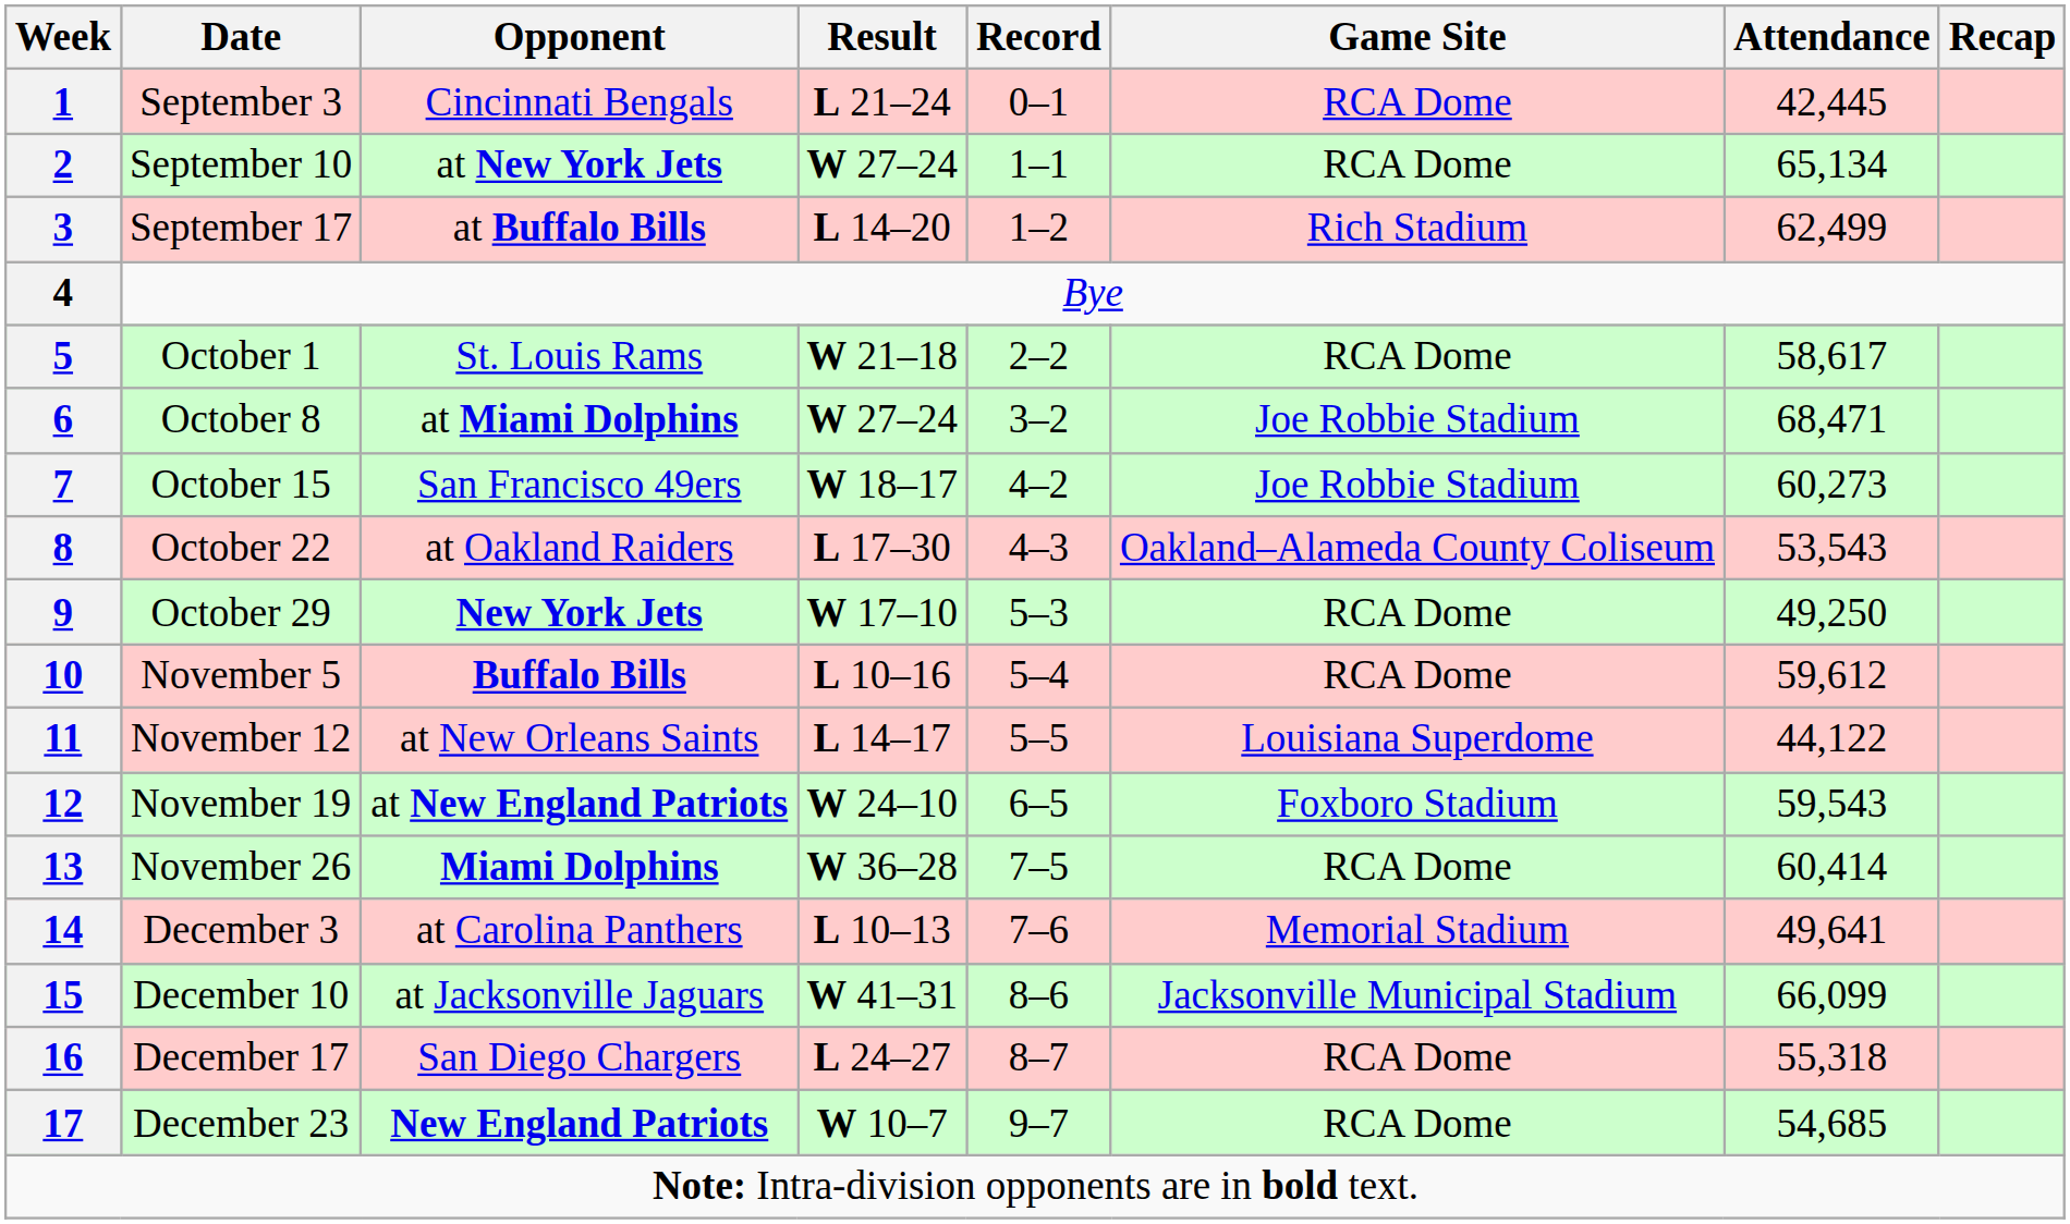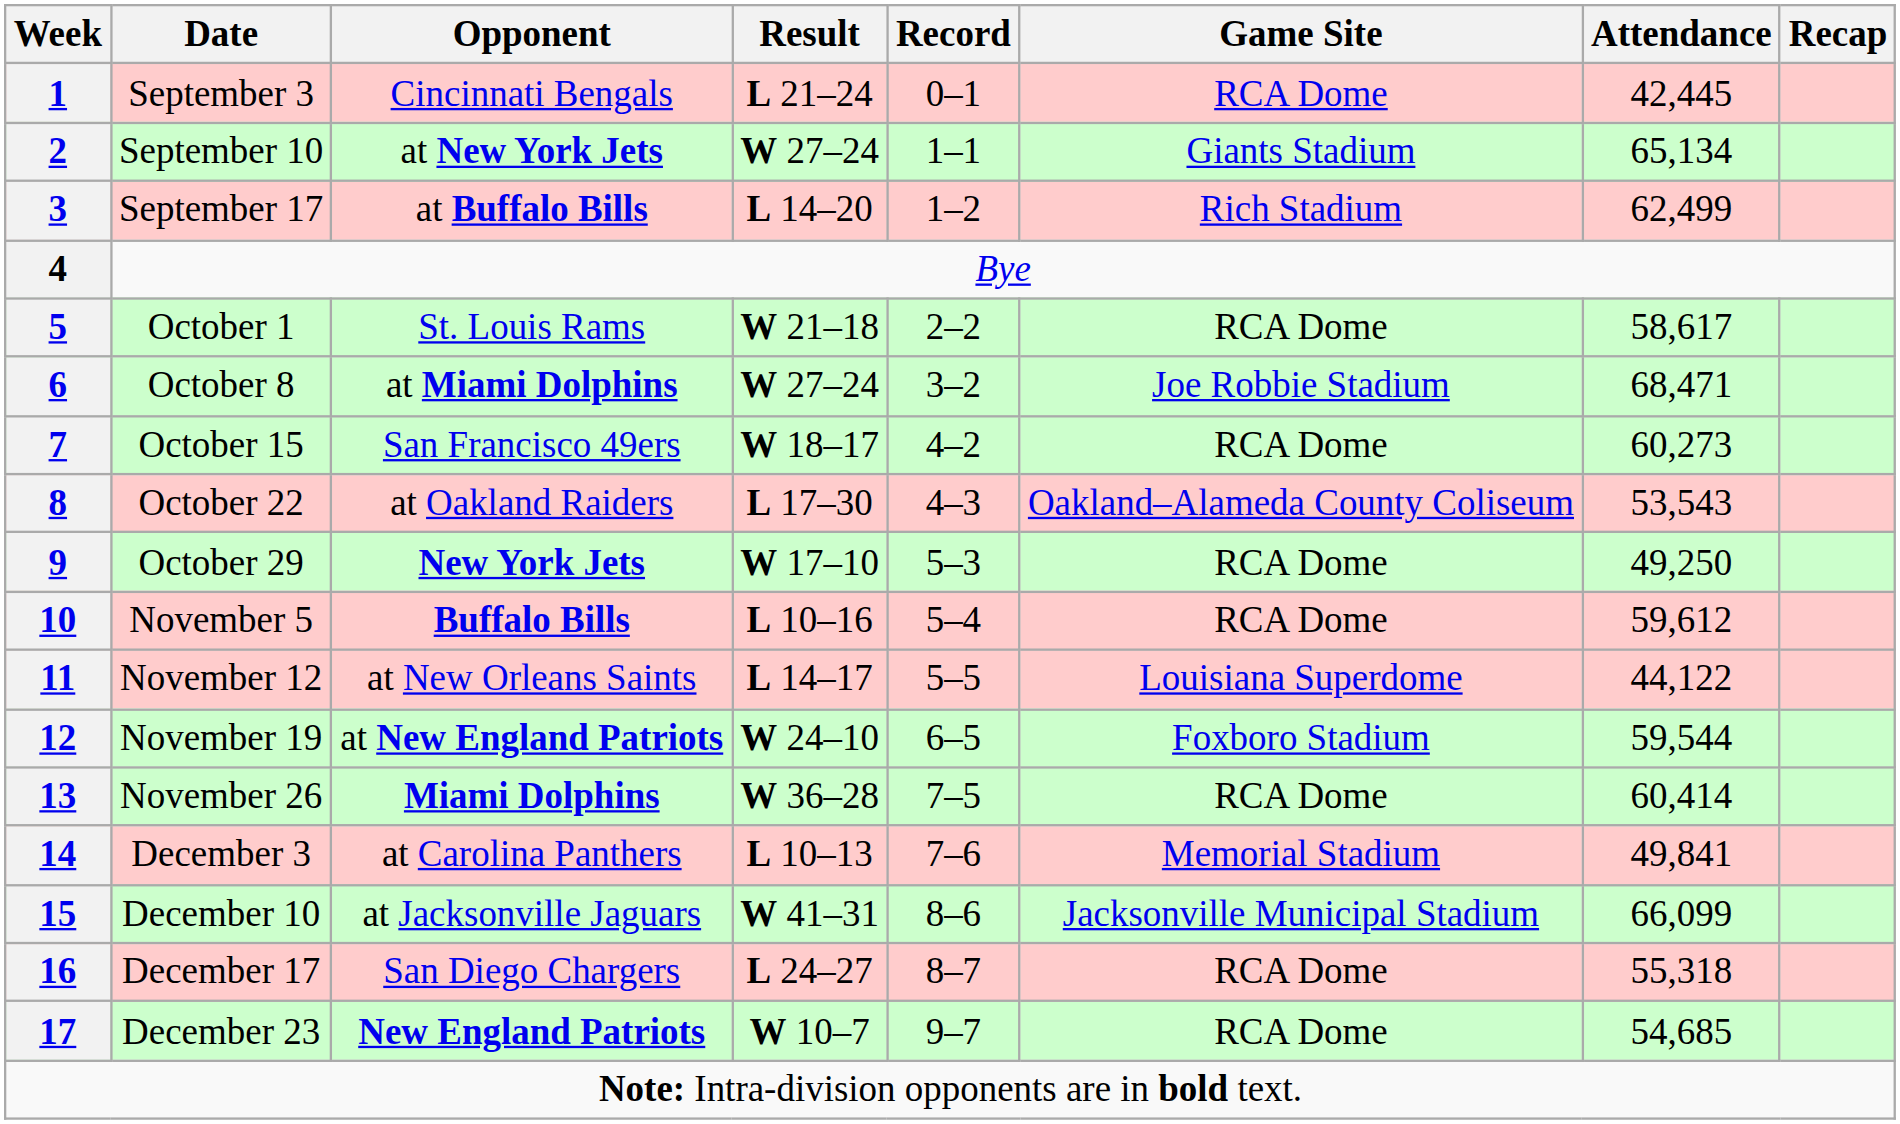 <table class="wikitable" style="text-align:center">
 <tr>
 <th>Week</th>
 <th>Date</th>
 <th>Opponent</th>
 <th>Result</th>
 <th>Record</th>
 <th>Game Site</th>
 <th>Attendance</th>
 <th>Recap</th>
 </tr>
 <tr style="background:#fcc">
 <th><a href='#'>1</a></th>
 <td>September 3</td>
 <td><a href='#'>Cincinnati Bengals</a></td>
 <td><strong>L</strong> 21–24 </td>
 <td>0–1</td>
 <td><a href='#'>RCA Dome</a></td>
 <td>42,445</td>
 <td></td>
 </tr>
 <tr style="background:#cfc">
 <th><a href='#'>2</a></th>
 <td>September 10</td>
 <td>at <strong><a href='#'>New York Jets</a></strong></td>
 <td><strong>W</strong> 27–24 </td>
 <td>1–1</td>
-<td>RCA Dome</td>
+<td><a href='#'>Giants Stadium</a></td>
 <td>65,134</td>
 <td></td>
 </tr>
 <tr style="background:#fcc">
 <th><a href='#'>3</a></th>
 <td>September 17</td>
 <td>at <strong><a href='#'>Buffalo Bills</a></strong></td>
 <td><strong>L</strong> 14–20</td>
 <td>1–2</td>
 <td><a href='#'>Rich Stadium</a></td>
 <td>62,499</td>
 <td></td>
 </tr>
 <tr>
 <th>4</th>
 <td colspan="7"><em><a href='#'>Bye</a></em></td>
 </tr>
 <tr style="background:#cfc">
 <th><a href='#'>5</a></th>
 <td>October 1</td>
 <td><a href='#'>St. Louis Rams</a></td>
 <td><strong>W</strong> 21–18</td>
 <td>2–2</td>
 <td>RCA Dome</td>
 <td>58,617</td>
 <td></td>
 </tr>
 <tr style="background:#cfc">
 <th><a href='#'>6</a></th>
 <td>October 8</td>
 <td>at <strong><a href='#'>Miami Dolphins</a></strong></td>
 <td><strong>W</strong> 27–24 </td>
 <td>3–2</td>
 <td><a href='#'>Joe Robbie Stadium</a></td>
 <td>68,471</td>
 <td></td>
 </tr>
 <tr style="background:#cfc">
 <th><a href='#'>7</a></th>
 <td>October 15</td>
 <td><a href='#'>San Francisco 49ers</a></td>
 <td><strong>W</strong> 18–17</td>
 <td>4–2</td>
-<td><a href='#'>Joe Robbie Stadium</a></td>
+<td>RCA Dome</td>
 <td>60,273</td>
 <td></td>
 </tr>
 <tr style="background:#fcc">
 <th><a href='#'>8</a></th>
 <td>October 22</td>
 <td>at <a href='#'>Oakland Raiders</a></td>
 <td><strong>L</strong> 17–30</td>
 <td>4–3</td>
 <td><a href='#'>Oakland–Alameda County Coliseum</a></td>
 <td>53,543</td>
 <td></td>
 </tr>
 <tr style="background:#cfc">
 <th><a href='#'>9</a></th>
 <td>October 29</td>
 <td><strong><a href='#'>New York Jets</a></strong></td>
 <td><strong>W</strong> 17–10</td>
 <td>5–3</td>
 <td>RCA Dome</td>
 <td>49,250</td>
 <td></td>
 </tr>
 <tr style="background:#fcc">
 <th><a href='#'>10</a></th>
 <td>November 5</td>
 <td><strong><a href='#'>Buffalo Bills</a></strong></td>
 <td><strong>L</strong> 10–16</td>
 <td>5–4</td>
 <td>RCA Dome</td>
 <td>59,612</td>
 <td></td>
 </tr>
 <tr style="background:#fcc">
 <th><a href='#'>11</a></th>
 <td>November 12</td>
 <td>at <a href='#'>New Orleans Saints</a></td>
 <td><strong>L</strong> 14–17</td>
 <td>5–5</td>
 <td><a href='#'>Louisiana Superdome</a></td>
 <td>44,122</td>
 <td></td>
 </tr>
 <tr style="background:#cfc">
 <th><a href='#'>12</a></th>
 <td>November 19</td>
 <td>at <strong><a href='#'>New England Patriots</a></strong></td>
 <td><strong>W</strong> 24–10</td>
 <td>6–5</td>
 <td><a href='#'>Foxboro Stadium</a></td>
-<td>59,543</td>
+<td>59,544</td>
 <td></td>
 </tr>
 <tr style="background:#cfc">
 <th><a href='#'>13</a></th>
 <td>November 26</td>
 <td><strong><a href='#'>Miami Dolphins</a></strong></td>
 <td><strong>W</strong> 36–28</td>
 <td>7–5</td>
 <td>RCA Dome</td>
 <td>60,414</td>
 <td></td>
 </tr>
 <tr style="background:#fcc">
 <th><a href='#'>14</a></th>
 <td>December 3</td>
 <td>at <a href='#'>Carolina Panthers</a></td>
 <td><strong>L</strong> 10–13</td>
 <td>7–6</td>
 <td><a href='#'>Memorial Stadium</a></td>
-<td>49,641</td>
+<td>49,841</td>
 <td></td>
 </tr>
 <tr style="background:#cfc">
 <th><a href='#'>15</a></th>
 <td>December 10</td>
 <td>at <a href='#'>Jacksonville Jaguars</a></td>
 <td><strong>W</strong> 41–31</td>
 <td>8–6</td>
 <td><a href='#'>Jacksonville Municipal Stadium</a></td>
 <td>66,099</td>
 <td></td>
 </tr>
 <tr style="background:#fcc">
 <th><a href='#'>16</a></th>
 <td>December 17</td>
 <td><a href='#'>San Diego Chargers</a></td>
 <td><strong>L</strong> 24–27</td>
 <td>8–7</td>
 <td>RCA Dome</td>
 <td>55,318</td>
 <td></td>
 </tr>
 <tr style="background:#cfc">
 <th><a href='#'>17</a></th>
 <td>December 23</td>
 <td><strong><a href='#'>New England Patriots</a></strong></td>
 <td><strong>W</strong> 10–7</td>
 <td>9–7</td>
 <td>RCA Dome</td>
 <td>54,685</td>
 <td></td>
 </tr>
 <tr>
 <td colspan="8"><strong>Note:</strong> Intra-division opponents are in <strong>bold</strong> text.</td>
 </tr>
 </table>
